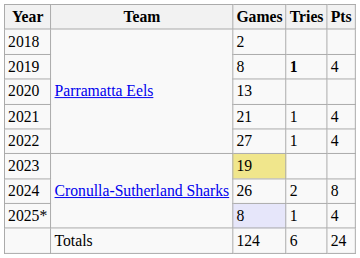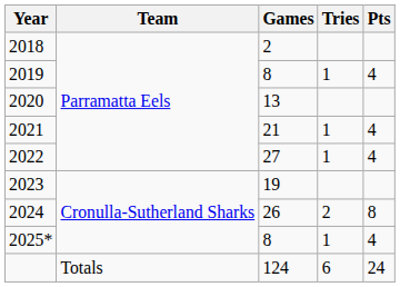 <table class="wikitable">
 <tr>
 <th>Year</th>
 <th>Team</th>
 <th>Games</th>
 <th>Tries</th>
 <th>Pts</th>
 </tr>
 <tr>
 <td>2018</td>
 <td rowspan="5"> <a href='#'>Parramatta Eels</a></td>
 <td>2</td>
 <td></td>
 <td></td>
 </tr>
 <tr>
 <td>2019</td>
 <td>8</td>
-<td><strong>1</strong></td>
+<td>1</td>
 <td>4</td>
 </tr>
 <tr>
 <td>2020</td>
 <td>13</td>
 <td></td>
 <td></td>
 </tr>
 <tr>
 <td>2021</td>
 <td>21</td>
 <td>1</td>
 <td>4</td>
 </tr>
 <tr>
 <td>2022</td>
 <td>27</td>
 <td>1</td>
 <td>4</td>
 </tr>
 <tr>
 <td>2023</td>
 <td rowspan="3"> <a href='#'>Cronulla-Sutherland Sharks</a></td>
-<td style="background: khaki;">19</td>
+<td>19</td>
 <td></td>
 <td></td>
 </tr>
 <tr>
 <td>2024</td>
 <td>26</td>
 <td>2</td>
 <td>8</td>
 </tr>
 <tr>
 <td>2025*</td>
-<td style="background: lavender;">8</td>
+<td>8</td>
 <td>1</td>
 <td>4</td>
 </tr>
 <tr>
 <td></td>
 <td>Totals</td>
 <td>124</td>
 <td>6</td>
 <td>24</td>
 </tr>
 </table>
